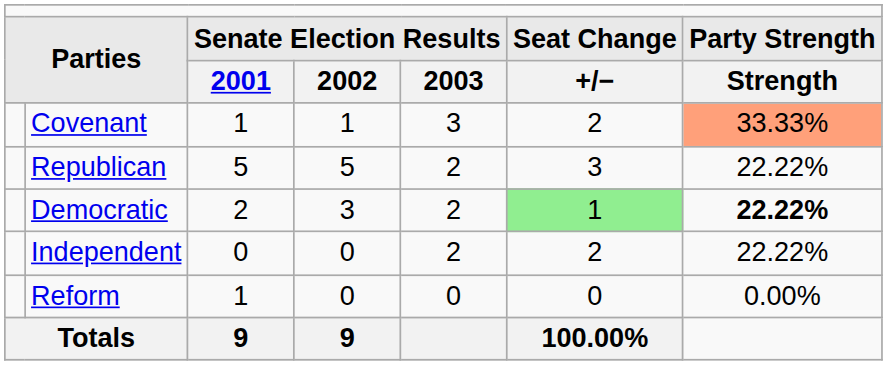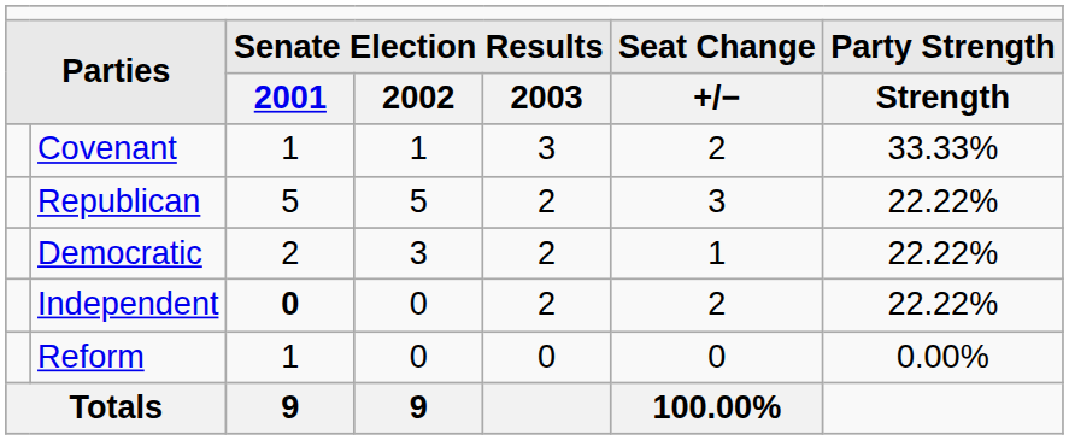 <table class   ="wikitable">
 <tr>
 <td colspan="7"></td>
 </tr>
 <tr>
 <th style   ="background:#e9e9e9; text-align:center" rowspan="2" colspan="2">Parties</th>
 <th style   ="background:#e9e9e9; text-align:center" colspan="3">Senate Election Results</th>
 <th style   ="background:#e9e9e9; text-align:center" colspan="1">Seat Change</th>
 <th style   ="background:#e9e9e9; text-align:center" colspan="1">Party Strength</th>
 </tr>
 <tr style ="background:#e9e9e9">
 <th><a href='#'>2001</a></th>
 <th>2002</th>
 <th>2003</th>
 <th>+/−</th>
 <th>Strength</th>
 </tr>
 <tr>
 <td style="background-color:"> </td>
 <td><a href='#'>Covenant</a></td>
 <td align = center>1</td>
 <td align = center>1 </td>
 <td align = center>3</td>
 <td align = center>2 </td>
-<td align = center style="background: lightsalmon;">33.33%</td>
+<td align = center>33.33%</td>
 </tr>
 <tr>
 <td style="background-color:"> </td>
 <td><a href='#'>Republican</a></td>
 <td align = center>5</td>
 <td align = center>5 </td>
 <td align = center>2</td>
 <td align = center>3 </td>
 <td align = center>22.22%</td>
 </tr>
 <tr>
 <td style="background-color:"> </td>
 <td><a href='#'>Democratic</a></td>
 <td align = center>2</td>
 <td align = center>3 </td>
 <td align = center>2</td>
-<td align = center style="background: lightgreen;">1 </td>
-<td align = center><strong>22.22%</strong></td>
+<td align = center>1 </td>
+<td align = center>22.22%</td>
 </tr>
 <tr>
 <td style="background-color:"> </td>
 <td><a href='#'>Independent</a></td>
-<td align = center>0</td>
+<td align = center><strong>0</strong></td>
 <td align = center>0 </td>
 <td align = center>2</td>
 <td align = center>2 </td>
 <td align = center>22.22%</td>
 </tr>
 <tr>
 <td style="background-color:"> </td>
 <td><a href='#'>Reform</a></td>
 <td align = center>1</td>
 <td align = center>0 </td>
 <td align = center>0</td>
 <td align = center>0 </td>
 <td align = center>0.00%</td>
 </tr>
 <tr style = "background:#ccc">
 <th colspan = "2">Totals</th>
 <th>9</th>
 <th>9</th>
 <th></th>
 <th>100.00%</th>
 </tr>
 </table>
